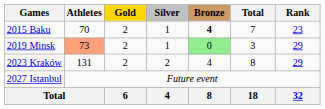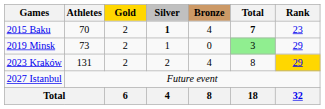 <table class="wikitable" style="text-align:center; font-size:90%;">
 <tr>
 <th>Games</th>
 <th>Athletes</th>
 <td style="background:gold; width:3.7em; font-weight:bold;">Gold</td>
 <td style="background:silver; width:3.7em; font-weight:bold;">Silver</td>
 <td style="background:#cc9966; width:3.7em; font-weight:bold;">Bronze</td>
 <th style="width:4em; font-weight:bold;">Total</th>
 <th style="width:4em; font-weight:bold;">Rank</th>
 </tr>
 <tr>
 <td align=left> <a href='#'>2015 Baku</a></td>
 <td>70</td>
 <td>2</td>
-<td>1</td>
-<td><strong>4</strong></td>
-<td>7</td>
+<td><strong>1</strong></td>
+<td>4</td>
+<td><strong>7</strong></td>
 <td><a href='#'>23</a></td>
 </tr>
 <tr>
 <td align=left> <a href='#'>2019 Minsk</a></td>
-<td style="background: lightsalmon;">73</td>
+<td>73</td>
 <td>2</td>
 <td>1</td>
-<td style="background: lightgreen;">0</td>
-<td>3</td>
+<td>0</td>
+<td style="background: lightgreen;">3</td>
 <td><a href='#'>29</a></td>
 </tr>
 <tr>
 <td align=left> <a href='#'>2023 Kraków</a></td>
 <td>131</td>
 <td>2</td>
 <td>2</td>
 <td>4</td>
 <td>8</td>
-<td><a href='#'>29</a></td>
+<td style="background: gold;"><a href='#'>29</a></td>
 </tr>
 <tr>
 <td align=left> <a href='#'>2027 Istanbul</a></td>
 <td colspan=6><em>Future event</em></td>
 </tr>
 <tr>
 <th colspan=2>Total</th>
 <th>6</th>
 <th>4</th>
 <th>8</th>
 <th>18</th>
 <th><a href='#'>32</a></th>
 </tr>
 </table>
